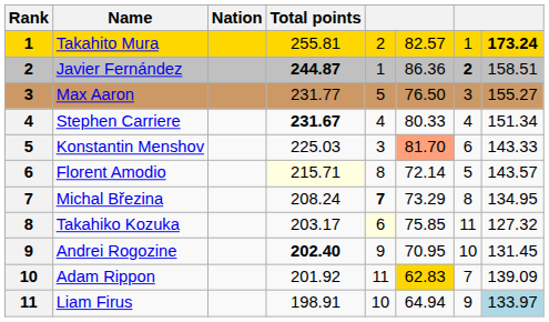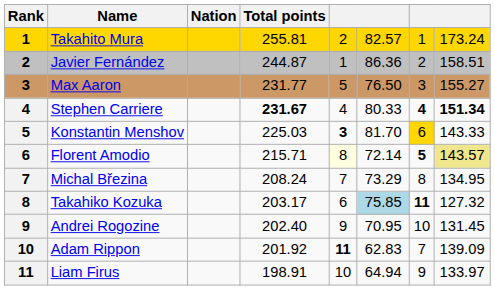 <table class="wikitable sortable">
 <tr>
 <th>Rank</th>
 <th>Name</th>
 <th>Nation</th>
 <th>Total points</th>
 <th colspan="2" width="80px"></th>
 <th colspan="2" width="80px"></th>
 </tr>
 <tr bgcolor="gold">
 <td align="center"><strong>1</strong></td>
 <td><a href='#'>Takahito Mura</a></td>
 <td></td>
 <td align="center">255.81</td>
 <td align="center">2</td>
 <td align="center">82.57</td>
 <td align="center">1</td>
-<td align="center"><strong>173.24</strong></td>
+<td align="center">173.24</td>
 </tr>
 <tr bgcolor="silver">
 <td align="center"><strong>2</strong></td>
 <td><a href='#'>Javier Fernández</a></td>
 <td></td>
-<td align="center"><strong>244.87</strong></td>
+<td align="center">244.87</td>
 <td align="center">1</td>
 <td align="center">86.36</td>
-<td align="center"><strong>2</strong></td>
+<td align="center">2</td>
 <td align="center">158.51</td>
 </tr>
 <tr bgcolor="cc9966">
 <td align="center"><strong>3</strong></td>
 <td><a href='#'>Max Aaron</a></td>
 <td></td>
 <td align="center">231.77</td>
 <td align="center">5</td>
 <td align="center">76.50</td>
 <td align="center">3</td>
 <td align="center">155.27</td>
 </tr>
 <tr>
 <th>4</th>
 <td><a href='#'>Stephen Carriere</a></td>
 <td></td>
 <td align="center"><strong>231.67</strong></td>
 <td align="center">4</td>
 <td align="center">80.33</td>
-<td align="center">4</td>
-<td align="center">151.34</td>
+<td align="center"><strong>4</strong></td>
+<td align="center"><strong>151.34</strong></td>
 </tr>
 <tr>
 <th>5</th>
 <td><a href='#'>Konstantin Menshov</a></td>
 <td></td>
 <td align="center">225.03</td>
-<td align="center">3</td>
-<td align="center" style="background: lightsalmon;">81.70</td>
-<td align="center">6</td>
+<td align="center"><strong>3</strong></td>
+<td align="center">81.70</td>
+<td align="center" style="background: gold;">6</td>
 <td align="center">143.33</td>
 </tr>
 <tr>
 <th>6</th>
 <td><a href='#'>Florent Amodio</a></td>
 <td></td>
-<td align="center" style="background: lightyellow;">215.71</td>
-<td align="center">8</td>
+<td align="center">215.71</td>
+<td align="center" style="background: lightyellow;">8</td>
 <td align="center">72.14</td>
-<td align="center">5</td>
-<td align="center">143.57</td>
+<td align="center"><strong>5</strong></td>
+<td align="center" style="background: khaki;">143.57</td>
 </tr>
 <tr>
 <th>7</th>
 <td><a href='#'>Michal Březina</a></td>
 <td></td>
 <td align="center">208.24</td>
-<td align="center"><strong>7</strong></td>
+<td align="center">7</td>
 <td align="center">73.29</td>
 <td align="center">8</td>
 <td align="center">134.95</td>
 </tr>
 <tr>
 <th>8</th>
 <td><a href='#'>Takahiko Kozuka</a></td>
 <td></td>
 <td align="center">203.17</td>
-<td align="center" style="background: lightyellow;">6</td>
-<td align="center">75.85</td>
-<td align="center">11</td>
+<td align="center">6</td>
+<td align="center" style="background: lightblue;">75.85</td>
+<td align="center"><strong>11</strong></td>
 <td align="center">127.32</td>
 </tr>
 <tr>
 <th>9</th>
 <td><a href='#'>Andrei Rogozine</a></td>
 <td></td>
-<td align="center"><strong>202.40</strong></td>
+<td align="center">202.40</td>
 <td align="center">9</td>
 <td align="center">70.95</td>
 <td align="center">10</td>
 <td align="center">131.45</td>
 </tr>
 <tr>
 <th>10</th>
 <td><a href='#'>Adam Rippon</a></td>
 <td></td>
 <td align="center">201.92</td>
-<td align="center">11</td>
-<td align="center" style="background: gold;">62.83</td>
+<td align="center"><strong>11</strong></td>
+<td align="center">62.83</td>
 <td align="center">7</td>
 <td align="center">139.09</td>
 </tr>
 <tr>
 <th>11</th>
 <td><a href='#'>Liam Firus</a></td>
 <td></td>
 <td align="center">198.91</td>
 <td align="center">10</td>
 <td align="center">64.94</td>
 <td align="center">9</td>
-<td align="center" style="background: lightblue;">133.97</td>
+<td align="center">133.97</td>
 </tr>
 </table>
